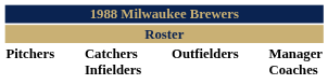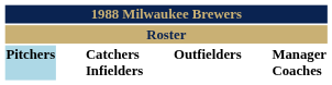 <table class="toccolours" style="font-size: 95%;">
 <tr>
 <th colspan="10" style="background-color: #0a2351;; color: #c9b074; text-align: center;">1988 Milwaukee Brewers</th>
 </tr>
 <tr>
 <td colspan="10" style="background-color: #c9b074; color: #0a2351; text-align: center;"><strong>Roster</strong></td>
 </tr>
 <tr>
-<td valign="top"><strong>Pitchers</strong><br>             </td>
+<td valign="top" style="background: lightblue;"><strong>Pitchers</strong><br>             </td>
 <td width="25px"></td>
 <td valign="top"><strong>Catchers</strong><br>   <strong>Infielders</strong>          </td>
 <td width="25px"></td>
 <td valign="top"><strong>Outfielders</strong><br>       </td>
 <td width="25px"></td>
 <td valign="top"><strong>Manager</strong><br> <strong>Coaches</strong>     </td>
 </tr>
 <tr>
 </tr>
 </table>
